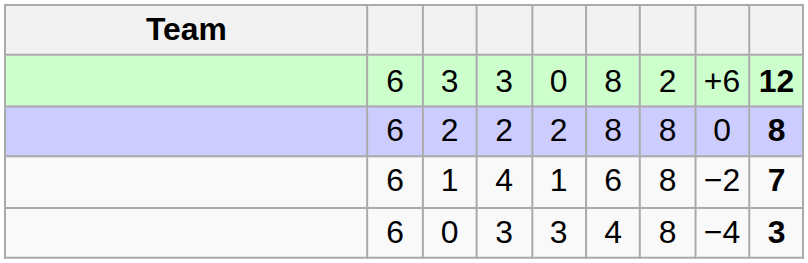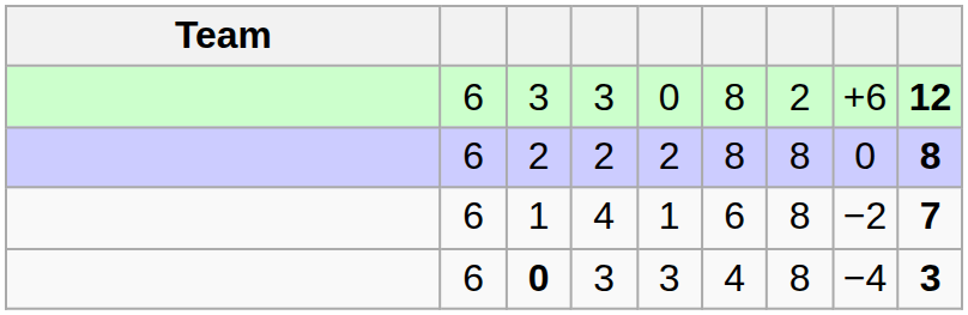 <table class="wikitable" style="text-align:center">
 <tr>
 <th width="175">Team</th>
 <th width="20"></th>
 <th width="20"></th>
 <th width="20"></th>
 <th width="20"></th>
 <th width="20"></th>
 <th width="20"></th>
 <th width="20"></th>
 <th width="20"></th>
 </tr>
 <tr bgcolor=#ccffcc>
 <td align=left></td>
 <td>6</td>
 <td>3</td>
 <td>3</td>
 <td>0</td>
 <td>8</td>
 <td>2</td>
 <td>+6</td>
 <td><strong>12</strong></td>
 </tr>
 <tr bgcolor=#ccccff>
 <td align=left></td>
 <td>6</td>
 <td>2</td>
 <td>2</td>
 <td>2</td>
 <td>8</td>
 <td>8</td>
 <td>0</td>
 <td><strong>8</strong></td>
 </tr>
 <tr>
 <td align=left></td>
 <td>6</td>
 <td>1</td>
 <td>4</td>
 <td>1</td>
 <td>6</td>
 <td>8</td>
 <td>−2</td>
 <td><strong>7</strong></td>
 </tr>
 <tr>
 <td align=left></td>
 <td>6</td>
-<td>0</td>
+<td><strong>0</strong></td>
 <td>3</td>
 <td>3</td>
 <td>4</td>
 <td>8</td>
 <td>−4</td>
 <td><strong>3</strong></td>
 </tr>
 </table>
